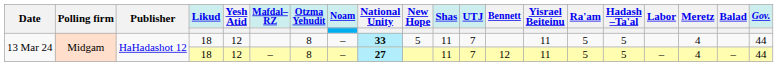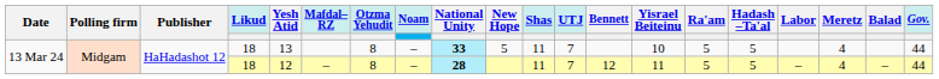 <table class="wikitable sortable" style=text-align:center;font-size:90%;line-height:12px>
 <tr>
 <th rowspan=2>Date</th>
 <th rowspan=2>Polling firm</th>
 <th rowspan=2>Publisher</th>
 <th style=background:#cee><a href='#'>Likud</a></th>
 <th><a href='#'>Yesh<br>Atid</a></th>
 <th style=background:#cee;font-size:90%><a href='#'>Mafdal–<br>RZ</a></th>
 <th style=background:#cee;font-size:90%><a href='#'>Otzma<br>Yehudit</a></th>
 <th style=background:#cee;font-size:90%><a href='#'>Noam</a></th>
 <th><a href='#'>National<br>Unity</a></th>
 <th><a href='#'>New<br>Hope</a></th>
 <th style=background:#cee><a href='#'>Shas</a></th>
 <th style=background:#cee><a href='#'>UTJ</a></th>
 <th style=font-size:90%><a href='#'>Bennett</a></th>
 <th><a href='#'>Yisrael<br>Beiteinu</a></th>
 <th><a href='#'>Ra'am</a></th>
 <th><a href='#'>Hadash<br>–Ta'al</a></th>
 <th><a href='#'>Labor</a></th>
 <th><a href='#'>Meretz</a></th>
 <th><a href='#'>Balad</a></th>
 <th style=background:#cee;font-size:90%><a href='#'><em>Gov.</em></a></th>
 </tr>
 <tr>
 <th style=background:></th>
 <th style=background:></th>
 <th style=background:></th>
 <th style=background:></th>
 <th style=background:#01AFF0></th>
 <th style=background:></th>
 <th style=background:></th>
 <th style=background:></th>
 <th style=background:></th>
 <th style=background:></th>
 <th style=background:></th>
 <th style=background:></th>
 <th style=background:></th>
 <th style=background:></th>
 <th style=background:></th>
 <th style=background:></th>
 <th style=background:></th>
 </tr>
 <tr>
 <td rowspan=2 data-sort-value=2024-03-13>13 Mar 24</td>
 <td rowspan=2 style=background:#FFDFCC>Midgam</td>
 <td rowspan=2><a href='#'>HaHadashot 12</a></td>
 <td>18					</td>
-<td>12					</td>
+<td>13					</td>
 <td>	</td>
 <td>8					</td>
 <td>–					</td>
 <td style=background:#B2EDFB><strong>33</strong>	</td>
 <td>5					</td>
 <td>11					</td>
 <td>7					</td>
 <td>			</td>
-<td>11					</td>
+<td>10					</td>
 <td>5					</td>
 <td>5					</td>
 <td>	</td>
 <td>4					</td>
 <td>	</td>
 <td>44					</td>
 </tr>
 <tr style=background:#fffdb0>
 <td>18					</td>
 <td>12					</td>
 <td>–					</td>
 <td>8					</td>
 <td>–					</td>
-<td style=background:#B2EDFB><strong>27</strong>	</td>
+<td style=background:#B2EDFB><strong>28</strong>	</td>
 <td>	</td>
 <td>11					</td>
 <td>7					</td>
 <td>12					</td>
 <td>11					</td>
 <td>5					</td>
 <td>5					</td>
 <td>–					</td>
 <td>4					</td>
 <td>–					</td>
 <td>44					</td>
 </tr>
 </table>
